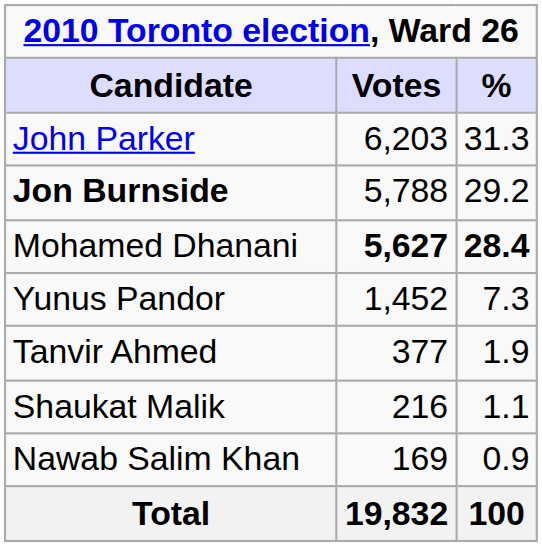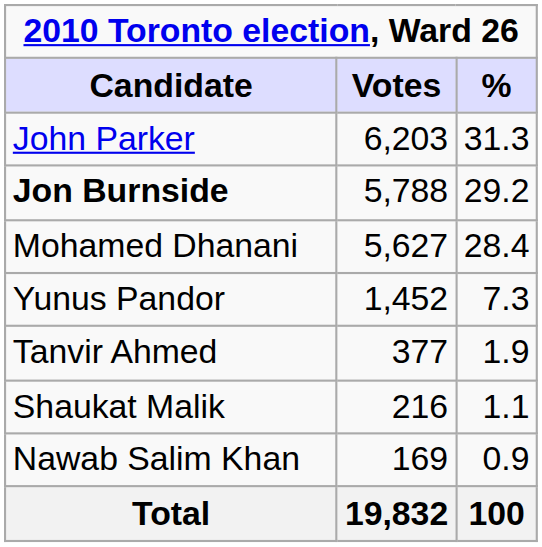 <table class="wikitable">
 <tr>
 <td colspan="3" style="text-align:center;"><strong><a href='#'>2010 Toronto election</a>, Ward 26</strong></td>
 </tr>
 <tr>
 <th style="background:#ddf; width:150px;">Candidate</th>
 <th style="background:#ddf;">Votes</th>
 <th style="background:#ddf;">%</th>
 </tr>
 <tr>
 <td><a href='#'>John Parker</a></td>
 <td align=right>6,203</td>
 <td align=right>31.3</td>
 </tr>
 <tr>
 <td><strong>Jon Burnside</strong></td>
 <td align=right>5,788</td>
 <td align=right>29.2</td>
 </tr>
 <tr>
 <td>Mohamed Dhanani</td>
-<td align=right><strong>5,627</strong></td>
-<td align=right><strong>28.4</strong></td>
+<td align=right>5,627</td>
+<td align=right>28.4</td>
 </tr>
 <tr>
 <td>Yunus Pandor</td>
 <td align=right>1,452</td>
 <td align=right>7.3</td>
 </tr>
 <tr>
 <td>Tanvir Ahmed</td>
 <td align=right>377</td>
 <td align=right>1.9</td>
 </tr>
 <tr>
 <td>Shaukat Malik</td>
 <td align=right>216</td>
 <td align=right>1.1</td>
 </tr>
 <tr>
 <td>Nawab Salim Khan</td>
 <td align=right>169</td>
 <td align=right>0.9</td>
 </tr>
 <tr>
 <th>Total</th>
 <th align=right>19,832</th>
 <th align=right>100</th>
 </tr>
 </table>
